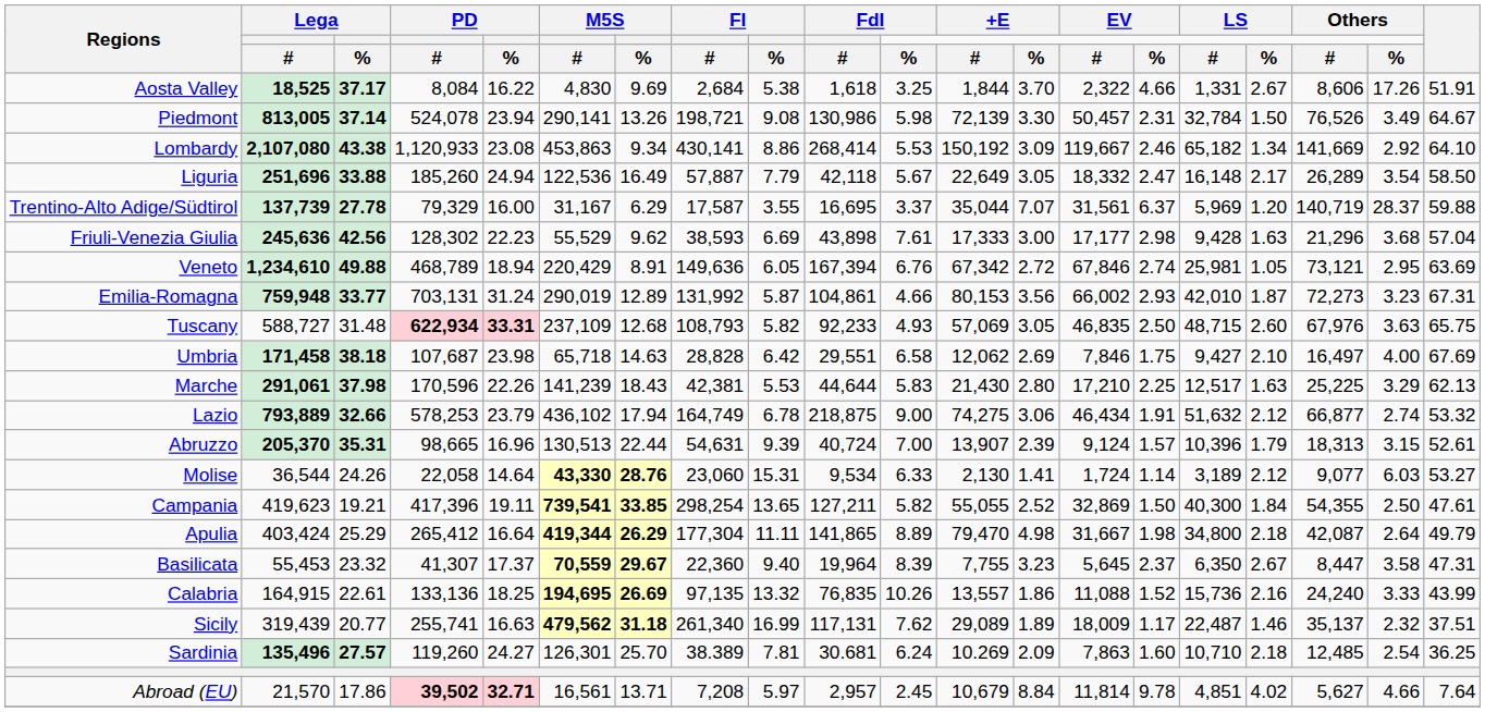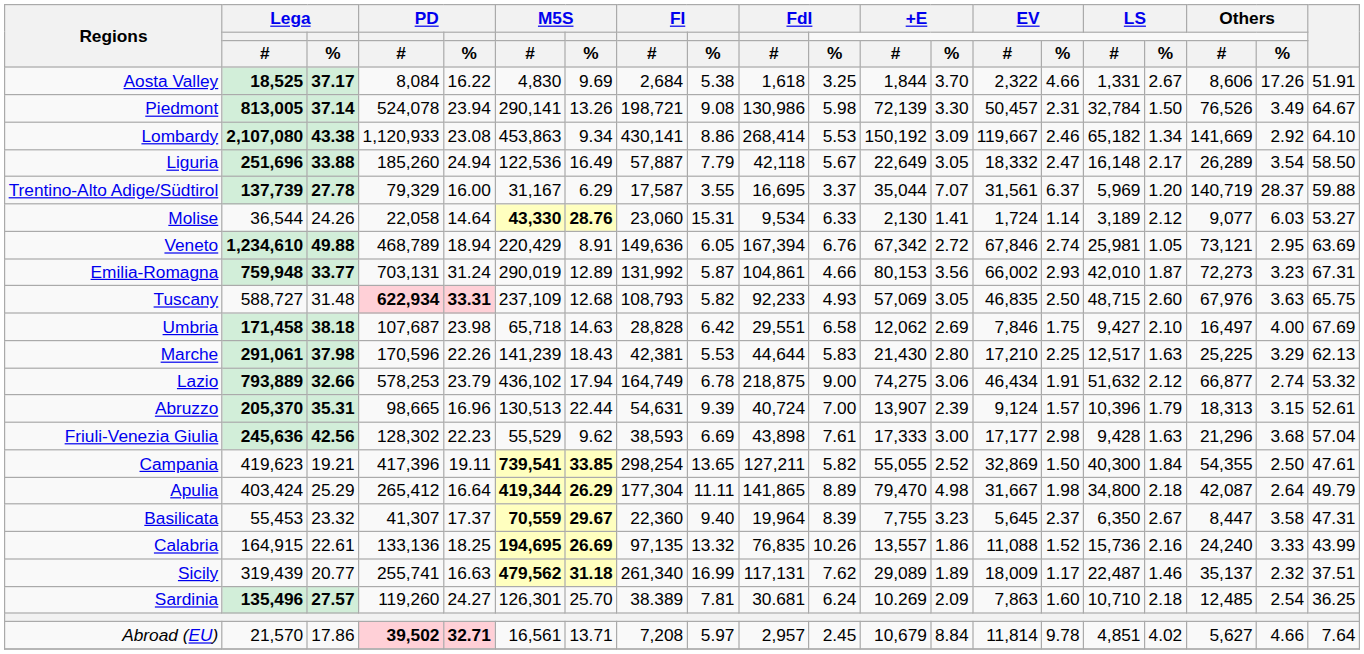 <table class="wikitable sortable collapsible" style="font-size:90%;text-align:right;">
 <tr>
 <th rowspan="3">Regions</th>
 <th colspan="2"><a href='#'>Lega</a></th>
 <th colspan="2"><a href='#'>PD</a></th>
 <th colspan="2"><a href='#'>M5S</a></th>
 <th colspan="2"><a href='#'>FI</a></th>
 <th colspan="2"><a href='#'>FdI</a></th>
 <th colspan="2"><a href='#'>+E</a></th>
 <th colspan="2"><a href='#'>EV</a></th>
 <th colspan="2"><a href='#'>LS</a></th>
 <th colspan="2">Others</th>
 <th rowspan="3"></th>
 </tr>
 <tr>
 <th style="background:"></th>
 <th style="background:"></th>
 <th style="background:"></th>
 <th style="background:"></th>
 <th style="background:"></th>
 <th style="background:"></th>
 <th style="background:"></th>
 <th style="background:"></th>
 <th style="background:"></th>
 </tr>
 <tr>
 <th>#</th>
 <th>%</th>
 <th>#</th>
 <th>%</th>
 <th>#</th>
 <th>%</th>
 <th>#</th>
 <th>%</th>
 <th>#</th>
 <th>%</th>
 <th>#</th>
 <th>%</th>
 <th>#</th>
 <th>%</th>
 <th>#</th>
 <th>%</th>
 <th>#</th>
 <th>%</th>
 </tr>
 <tr>
 <td><a href='#'>Aosta Valley</a></td>
 <td style="background:#D2EED9;"><strong>18,525</strong></td>
 <td style="background:#D2EED9;"><strong>37.17</strong></td>
 <td>8,084</td>
 <td>16.22</td>
 <td>4,830</td>
 <td>9.69</td>
 <td>2,684</td>
 <td>5.38</td>
 <td>1,618</td>
 <td>3.25</td>
 <td>1,844</td>
 <td>3.70</td>
 <td>2,322</td>
 <td>4.66</td>
 <td>1,331</td>
 <td>2.67</td>
 <td>8,606</td>
 <td>17.26</td>
 <td>51.91</td>
 </tr>
 <tr>
 <td><a href='#'>Piedmont</a></td>
 <td style="background:#D2EED9;"><strong>813,005</strong></td>
 <td style="background:#D2EED9;"><strong>37.14</strong></td>
 <td>524,078</td>
 <td>23.94</td>
 <td>290,141</td>
 <td>13.26</td>
 <td>198,721</td>
 <td>9.08</td>
 <td>130,986</td>
 <td>5.98</td>
 <td>72,139</td>
 <td>3.30</td>
 <td>50,457</td>
 <td>2.31</td>
 <td>32,784</td>
 <td>1.50</td>
 <td>76,526</td>
 <td>3.49</td>
 <td>64.67</td>
 </tr>
 <tr>
 <td><a href='#'>Lombardy</a></td>
 <td style="background:#D2EED9;"><strong>2,107,080</strong></td>
 <td style="background:#D2EED9;"><strong>43.38</strong></td>
 <td>1,120,933</td>
 <td>23.08</td>
 <td>453,863</td>
 <td>9.34</td>
 <td>430,141</td>
 <td>8.86</td>
 <td>268,414</td>
 <td>5.53</td>
 <td>150,192</td>
 <td>3.09</td>
 <td>119,667</td>
 <td>2.46</td>
 <td>65,182</td>
 <td>1.34</td>
 <td>141,669</td>
 <td>2.92</td>
 <td>64.10</td>
 </tr>
 <tr>
 <td><a href='#'>Liguria</a></td>
 <td style="background:#D2EED9;"><strong>251,696</strong></td>
 <td style="background:#D2EED9;"><strong>33.88</strong></td>
 <td>185,260</td>
 <td>24.94</td>
 <td>122,536</td>
 <td>16.49</td>
 <td>57,887</td>
 <td>7.79</td>
 <td>42,118</td>
 <td>5.67</td>
 <td>22,649</td>
 <td>3.05</td>
 <td>18,332</td>
 <td>2.47</td>
 <td>16,148</td>
 <td>2.17</td>
 <td>26,289</td>
 <td>3.54</td>
 <td>58.50</td>
 </tr>
 <tr>
 <td><a href='#'>Trentino-Alto Adige/Südtirol</a></td>
 <td style="background:#D2EED9;"><strong>137,739</strong></td>
 <td style="background:#D2EED9;"><strong>27.78</strong></td>
 <td>79,329</td>
 <td>16.00</td>
 <td>31,167</td>
 <td>6.29</td>
 <td>17,587</td>
 <td>3.55</td>
 <td>16,695</td>
 <td>3.37</td>
 <td>35,044</td>
 <td>7.07</td>
 <td>31,561</td>
 <td>6.37</td>
 <td>5,969</td>
 <td>1.20</td>
 <td>140,719</td>
 <td>28.37</td>
 <td>59.88</td>
 </tr>
 <tr>
-<td><a href='#'>Friuli-Venezia Giulia</a></td>
-<td style="background:#D2EED9;"><strong>245,636</strong></td>
-<td style="background:#D2EED9;"><strong>42.56</strong></td>
-<td>128,302</td>
-<td>22.23</td>
-<td>55,529</td>
-<td>9.62</td>
-<td>38,593</td>
-<td>6.69</td>
-<td>43,898</td>
-<td>7.61</td>
-<td>17,333</td>
-<td>3.00</td>
-<td>17,177</td>
-<td>2.98</td>
-<td>9,428</td>
-<td>1.63</td>
-<td>21,296</td>
-<td>3.68</td>
-<td>57.04</td>
+<td><a href='#'>Molise</a></td>
+<td>36,544</td>
+<td>24.26</td>
+<td>22,058</td>
+<td>14.64</td>
+<td style="background:#FFFFBF;"><strong>43,330</strong></td>
+<td style="background:#FFFFBF;"><strong>28.76</strong></td>
+<td>23,060</td>
+<td>15.31</td>
+<td>9,534</td>
+<td>6.33</td>
+<td>2,130</td>
+<td>1.41</td>
+<td>1,724</td>
+<td>1.14</td>
+<td>3,189</td>
+<td>2.12</td>
+<td>9,077</td>
+<td>6.03</td>
+<td>53.27</td>
 </tr>
 <tr>
 <td><a href='#'>Veneto</a></td>
 <td style="background:#D2EED9;"><strong>1,234,610</strong></td>
 <td style="background:#D2EED9;"><strong>49.88</strong></td>
 <td>468,789</td>
 <td>18.94</td>
 <td>220,429</td>
 <td>8.91</td>
 <td>149,636</td>
 <td>6.05</td>
 <td>167,394</td>
 <td>6.76</td>
 <td>67,342</td>
 <td>2.72</td>
 <td>67,846</td>
 <td>2.74</td>
 <td>25,981</td>
 <td>1.05</td>
 <td>73,121</td>
 <td>2.95</td>
 <td>63.69</td>
 </tr>
 <tr>
 <td><a href='#'>Emilia-Romagna</a></td>
 <td style="background:#D2EED9;"><strong>759,948</strong></td>
 <td style="background:#D2EED9;"><strong>33.77</strong></td>
 <td>703,131</td>
 <td>31.24</td>
 <td>290,019</td>
 <td>12.89</td>
 <td>131,992</td>
 <td>5.87</td>
 <td>104,861</td>
 <td>4.66</td>
 <td>80,153</td>
 <td>3.56</td>
 <td>66,002</td>
 <td>2.93</td>
 <td>42,010</td>
 <td>1.87</td>
 <td>72,273</td>
 <td>3.23</td>
 <td>67.31</td>
 </tr>
 <tr>
 <td><a href='#'>Tuscany</a></td>
 <td>588,727</td>
 <td>31.48</td>
 <td style="background:#FFD0D7"><strong>622,934</strong></td>
 <td style="background:#FFD0D7"><strong>33.31</strong></td>
 <td>237,109</td>
 <td>12.68</td>
 <td>108,793</td>
 <td>5.82</td>
 <td>92,233</td>
 <td>4.93</td>
 <td>57,069</td>
 <td>3.05</td>
 <td>46,835</td>
 <td>2.50</td>
 <td>48,715</td>
 <td>2.60</td>
 <td>67,976</td>
 <td>3.63</td>
 <td>65.75</td>
 </tr>
 <tr>
 <td><a href='#'>Umbria</a></td>
 <td style="background:#D2EED9;"><strong>171,458</strong></td>
 <td style="background:#D2EED9;"><strong>38.18</strong></td>
 <td>107,687</td>
 <td>23.98</td>
 <td>65,718</td>
 <td>14.63</td>
 <td>28,828</td>
 <td>6.42</td>
 <td>29,551</td>
 <td>6.58</td>
 <td>12,062</td>
 <td>2.69</td>
 <td>7,846</td>
 <td>1.75</td>
 <td>9,427</td>
 <td>2.10</td>
 <td>16,497</td>
 <td>4.00</td>
 <td>67.69</td>
 </tr>
 <tr>
 <td><a href='#'>Marche</a></td>
 <td style="background:#D2EED9;"><strong>291,061</strong></td>
 <td style="background:#D2EED9;"><strong>37.98</strong></td>
 <td>170,596</td>
 <td>22.26</td>
 <td>141,239</td>
 <td>18.43</td>
 <td>42,381</td>
 <td>5.53</td>
 <td>44,644</td>
 <td>5.83</td>
 <td>21,430</td>
 <td>2.80</td>
 <td>17,210</td>
 <td>2.25</td>
 <td>12,517</td>
 <td>1.63</td>
 <td>25,225</td>
 <td>3.29</td>
 <td>62.13</td>
 </tr>
 <tr>
 <td><a href='#'>Lazio</a></td>
 <td style="background:#D2EED9;"><strong>793,889</strong></td>
 <td style="background:#D2EED9;"><strong>32.66</strong></td>
 <td>578,253</td>
 <td>23.79</td>
 <td>436,102</td>
 <td>17.94</td>
 <td>164,749</td>
 <td>6.78</td>
 <td>218,875</td>
 <td>9.00</td>
 <td>74,275</td>
 <td>3.06</td>
 <td>46,434</td>
 <td>1.91</td>
 <td>51,632</td>
 <td>2.12</td>
 <td>66,877</td>
 <td>2.74</td>
 <td>53.32</td>
 </tr>
 <tr>
 <td><a href='#'>Abruzzo</a></td>
 <td style="background:#D2EED9;"><strong>205,370</strong></td>
 <td style="background:#D2EED9;"><strong>35.31</strong></td>
 <td>98,665</td>
 <td>16.96</td>
 <td>130,513</td>
 <td>22.44</td>
 <td>54,631</td>
 <td>9.39</td>
 <td>40,724</td>
 <td>7.00</td>
 <td>13,907</td>
 <td>2.39</td>
 <td>9,124</td>
 <td>1.57</td>
 <td>10,396</td>
 <td>1.79</td>
 <td>18,313</td>
 <td>3.15</td>
 <td>52.61</td>
 </tr>
 <tr>
-<td><a href='#'>Molise</a></td>
-<td>36,544</td>
-<td>24.26</td>
-<td>22,058</td>
-<td>14.64</td>
-<td style="background:#FFFFBF;"><strong>43,330</strong></td>
-<td style="background:#FFFFBF;"><strong>28.76</strong></td>
-<td>23,060</td>
-<td>15.31</td>
-<td>9,534</td>
-<td>6.33</td>
-<td>2,130</td>
-<td>1.41</td>
-<td>1,724</td>
-<td>1.14</td>
-<td>3,189</td>
-<td>2.12</td>
-<td>9,077</td>
-<td>6.03</td>
-<td>53.27</td>
+<td><a href='#'>Friuli-Venezia Giulia</a></td>
+<td style="background:#D2EED9;"><strong>245,636</strong></td>
+<td style="background:#D2EED9;"><strong>42.56</strong></td>
+<td>128,302</td>
+<td>22.23</td>
+<td>55,529</td>
+<td>9.62</td>
+<td>38,593</td>
+<td>6.69</td>
+<td>43,898</td>
+<td>7.61</td>
+<td>17,333</td>
+<td>3.00</td>
+<td>17,177</td>
+<td>2.98</td>
+<td>9,428</td>
+<td>1.63</td>
+<td>21,296</td>
+<td>3.68</td>
+<td>57.04</td>
 </tr>
 <tr>
 <td><a href='#'>Campania</a></td>
 <td>419,623</td>
 <td>19.21</td>
 <td>417,396</td>
 <td>19.11</td>
 <td style="background:#FFFFBF;"><strong>739,541</strong></td>
 <td style="background:#FFFFBF;"><strong>33.85</strong></td>
 <td>298,254</td>
 <td>13.65</td>
 <td>127,211</td>
 <td>5.82</td>
 <td>55,055</td>
 <td>2.52</td>
 <td>32,869</td>
 <td>1.50</td>
 <td>40,300</td>
 <td>1.84</td>
 <td>54,355</td>
 <td>2.50</td>
 <td>47.61</td>
 </tr>
 <tr>
 <td><a href='#'>Apulia</a></td>
 <td>403,424</td>
 <td>25.29</td>
 <td>265,412</td>
 <td>16.64</td>
 <td style="background:#FFFFBF;"><strong>419,344</strong></td>
 <td style="background:#FFFFBF;"><strong>26.29</strong></td>
 <td>177,304</td>
 <td>11.11</td>
 <td>141,865</td>
 <td>8.89</td>
 <td>79,470</td>
 <td>4.98</td>
 <td>31,667</td>
 <td>1.98</td>
 <td>34,800</td>
 <td>2.18</td>
 <td>42,087</td>
 <td>2.64</td>
 <td>49.79</td>
 </tr>
 <tr>
 <td><a href='#'>Basilicata</a></td>
 <td>55,453</td>
 <td>23.32</td>
 <td>41,307</td>
 <td>17.37</td>
 <td style="background:#FFFFBF;"><strong>70,559</strong></td>
 <td style="background:#FFFFBF;"><strong>29.67</strong></td>
 <td>22,360</td>
 <td>9.40</td>
 <td>19,964</td>
 <td>8.39</td>
 <td>7,755</td>
 <td>3.23</td>
 <td>5,645</td>
 <td>2.37</td>
 <td>6,350</td>
 <td>2.67</td>
 <td>8,447</td>
 <td>3.58</td>
 <td>47.31</td>
 </tr>
 <tr>
 <td><a href='#'>Calabria</a></td>
 <td>164,915</td>
 <td>22.61</td>
 <td>133,136</td>
 <td>18.25</td>
 <td style="background:#FFFFBF;"><strong>194,695</strong></td>
 <td style="background:#FFFFBF;"><strong>26.69</strong></td>
 <td>97,135</td>
 <td>13.32</td>
 <td>76,835</td>
 <td>10.26</td>
 <td>13,557</td>
 <td>1.86</td>
 <td>11,088</td>
 <td>1.52</td>
 <td>15,736</td>
 <td>2.16</td>
 <td>24,240</td>
 <td>3.33</td>
 <td>43.99</td>
 </tr>
 <tr>
 <td><a href='#'>Sicily</a></td>
 <td>319,439</td>
 <td>20.77</td>
 <td>255,741</td>
 <td>16.63</td>
 <td style="background:#FFFFBF;"><strong>479,562</strong></td>
 <td style="background:#FFFFBF;"><strong>31.18</strong></td>
 <td>261,340</td>
 <td>16.99</td>
 <td>117,131</td>
 <td>7.62</td>
 <td>29,089</td>
 <td>1.89</td>
 <td>18,009</td>
 <td>1.17</td>
 <td>22,487</td>
 <td>1.46</td>
 <td>35,137</td>
 <td>2.32</td>
 <td>37.51</td>
 </tr>
 <tr>
 <td><a href='#'>Sardinia</a></td>
 <td style="background:#D2EED9;"><strong>135,496</strong></td>
 <td style="background:#D2EED9;"><strong>27.57</strong></td>
 <td>119,260</td>
 <td>24.27</td>
 <td>126,301</td>
 <td>25.70</td>
 <td>38.389</td>
 <td>7.81</td>
 <td>30.681</td>
 <td>6.24</td>
 <td>10.269</td>
 <td>2.09</td>
 <td>7,863</td>
 <td>1.60</td>
 <td>10,710</td>
 <td>2.18</td>
 <td>12,485</td>
 <td>2.54</td>
 <td>36.25</td>
 </tr>
 <tr>
 <th colspan="20";></th>
 </tr>
 <tr>
 <td><em>Abroad (<a href='#'>EU</a>)</em></td>
 <td>21,570</td>
 <td>17.86</td>
 <td style="background:#FFD0D7"><strong>39,502</strong></td>
 <td style="background:#FFD0D7"><strong>32.71</strong></td>
 <td>16,561</td>
 <td>13.71</td>
 <td>7,208</td>
 <td>5.97</td>
 <td>2,957</td>
 <td>2.45</td>
 <td>10,679</td>
 <td>8.84</td>
 <td>11,814</td>
 <td>9.78</td>
 <td>4,851</td>
 <td>4.02</td>
 <td>5,627</td>
 <td>4.66</td>
 <td>7.64</td>
 </tr>
 <tr>
 </tr>
 </table>
